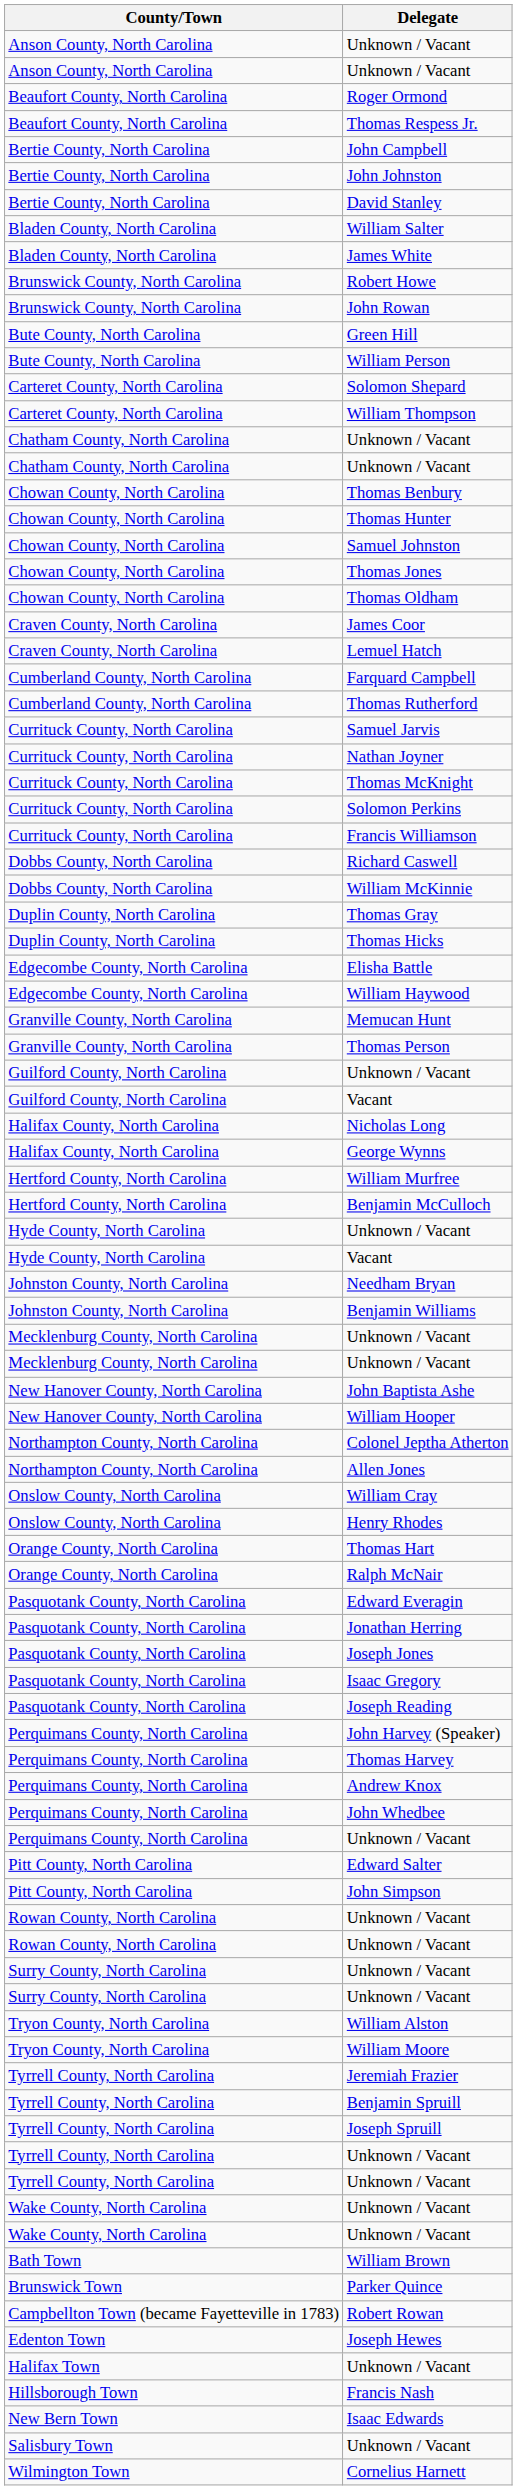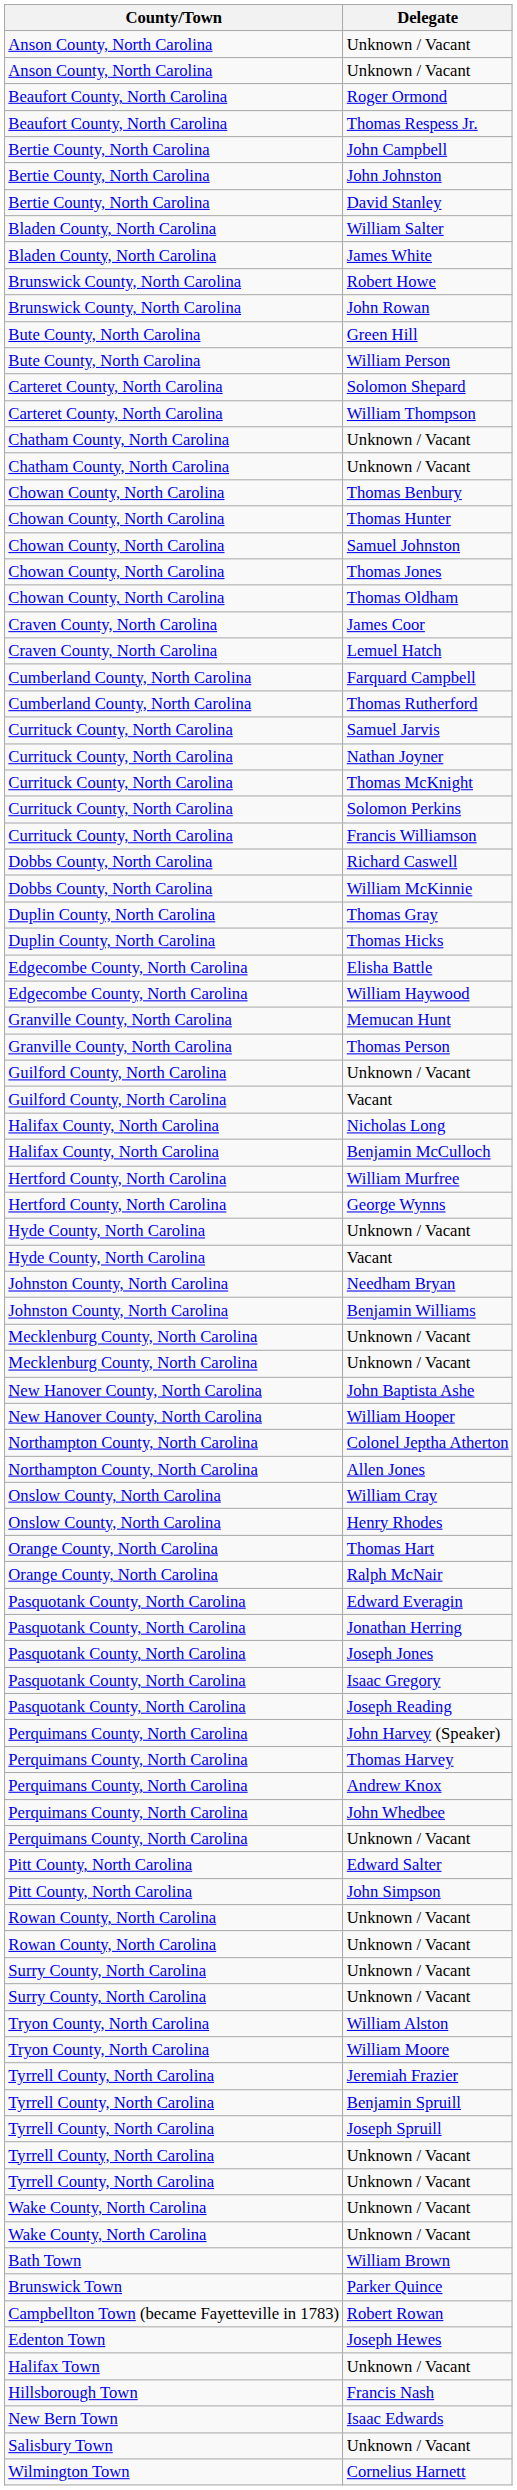 <table class="wikitable sortable mw-datatable">
 <tr>
 <th>County/Town</th>
 <th>Delegate</th>
 </tr>
 <tr>
 <td><a href='#'>Anson County, North Carolina</a></td>
 <td data-sort-value="Unknown / Vacant">Unknown / Vacant</td>
 </tr>
 <tr>
 <td><a href='#'>Anson County, North Carolina</a></td>
 <td data-sort-value="Unknown / Vacant">Unknown / Vacant</td>
 </tr>
 <tr>
 <td><a href='#'>Beaufort County, North Carolina</a></td>
 <td data-sort-value="Ormand, Roger"><a href='#'>Roger Ormond</a></td>
 </tr>
 <tr>
 <td><a href='#'>Beaufort County, North Carolina</a></td>
 <td data-sort-value="Respess, Thomas, Jr."><a href='#'>Thomas Respess Jr.</a></td>
 </tr>
 <tr>
 <td><a href='#'>Bertie County, North Carolina</a></td>
 <td data-sort-value="Campbell, John"><a href='#'>John Campbell</a></td>
 </tr>
 <tr>
 <td><a href='#'>Bertie County, North Carolina</a></td>
 <td data-sort-value="Johnston, John"><a href='#'>John Johnston</a></td>
 </tr>
 <tr>
 <td><a href='#'>Bertie County, North Carolina</a></td>
 <td data-sort-value="Stanley, David"><a href='#'>David Stanley</a></td>
 </tr>
 <tr>
 <td><a href='#'>Bladen County, North Carolina</a></td>
 <td data-sort-value="Salter, Willima"><a href='#'>William Salter</a></td>
 </tr>
 <tr>
 <td><a href='#'>Bladen County, North Carolina</a></td>
 <td data-sort-value="White, James"><a href='#'>James White</a></td>
 </tr>
 <tr>
 <td><a href='#'>Brunswick County, North Carolina</a></td>
 <td data-sort-value="Howe, Robert"><a href='#'>Robert Howe</a></td>
 </tr>
 <tr>
 <td><a href='#'>Brunswick County, North Carolina</a></td>
 <td data-sort-value="Rowan, John"><a href='#'>John Rowan</a></td>
 </tr>
 <tr>
 <td><a href='#'>Bute County, North Carolina</a></td>
 <td data-sort-value="Hill, Green"><a href='#'>Green Hill</a></td>
 </tr>
 <tr>
 <td><a href='#'>Bute County, North Carolina</a></td>
 <td data-sort-value="Person, William"><a href='#'>William Person</a></td>
 </tr>
 <tr>
 <td><a href='#'>Carteret County, North Carolina</a></td>
 <td data-sort-value="Shepard, Solomon"><a href='#'>Solomon Shepard</a></td>
 </tr>
 <tr>
 <td><a href='#'>Carteret County, North Carolina</a></td>
 <td data-sort-value="Thompson, William"><a href='#'>William Thompson</a></td>
 </tr>
 <tr>
 <td><a href='#'>Chatham County, North Carolina</a></td>
 <td data-sort-value="Unknown / Vacant">Unknown / Vacant</td>
 </tr>
 <tr>
 <td><a href='#'>Chatham County, North Carolina</a></td>
 <td data-sort-value="Unknown / Vacant">Unknown / Vacant</td>
 </tr>
 <tr>
 <td><a href='#'>Chowan County, North Carolina</a></td>
 <td data-sort-value="Benbury, Thomas"><a href='#'>Thomas Benbury</a></td>
 </tr>
 <tr>
 <td><a href='#'>Chowan County, North Carolina</a></td>
 <td data-sort-value="Hunter, Thomas"><a href='#'>Thomas Hunter</a></td>
 </tr>
 <tr>
 <td><a href='#'>Chowan County, North Carolina</a></td>
 <td data-sort-value="Johnston, Samuel"><a href='#'>Samuel Johnston</a></td>
 </tr>
 <tr>
 <td><a href='#'>Chowan County, North Carolina</a></td>
 <td data-sort-value="Jones, Thomas"><a href='#'>Thomas Jones</a></td>
 </tr>
 <tr>
 <td><a href='#'>Chowan County, North Carolina</a></td>
 <td data-sort-value="Oldham, Thomas"><a href='#'>Thomas Oldham</a></td>
 </tr>
 <tr>
 <td><a href='#'>Craven County, North Carolina</a></td>
 <td data-sort-value="Coor, James"><a href='#'>James Coor</a></td>
 </tr>
 <tr>
 <td><a href='#'>Craven County, North Carolina</a></td>
 <td data-sort-value="Hatch, Lemuel"><a href='#'>Lemuel Hatch</a></td>
 </tr>
 <tr>
 <td><a href='#'>Cumberland County, North Carolina</a></td>
 <td data-sort-value="Campbell, Farquard"><a href='#'>Farquard Campbell</a></td>
 </tr>
 <tr>
 <td><a href='#'>Cumberland County, North Carolina</a></td>
 <td data-sort-value="Rutherford, Thomas"><a href='#'>Thomas Rutherford</a></td>
 </tr>
 <tr>
 <td><a href='#'>Currituck County, North Carolina</a></td>
 <td data-sort-value="Jarvis, Samuel"><a href='#'>Samuel Jarvis</a></td>
 </tr>
 <tr>
 <td><a href='#'>Currituck County, North Carolina</a></td>
 <td data-sort-value="Joyner, Nathan"><a href='#'>Nathan Joyner</a></td>
 </tr>
 <tr>
 <td><a href='#'>Currituck County, North Carolina</a></td>
 <td data-sort-value="McKnight, Thomas"><a href='#'>Thomas McKnight</a></td>
 </tr>
 <tr>
 <td><a href='#'>Currituck County, North Carolina</a></td>
 <td data-sort-value="Perkins, Solomon"><a href='#'>Solomon Perkins</a></td>
 </tr>
 <tr>
 <td><a href='#'>Currituck County, North Carolina</a></td>
 <td data-sort-value="Williamson, Francis"><a href='#'>Francis Williamson</a></td>
 </tr>
 <tr>
 <td><a href='#'>Dobbs County, North Carolina</a></td>
 <td data-sort-value="Caswell, Richard"><a href='#'>Richard Caswell</a></td>
 </tr>
 <tr>
 <td><a href='#'>Dobbs County, North Carolina</a></td>
 <td data-sort-value="McKinnie, William"><a href='#'>William McKinnie</a></td>
 </tr>
 <tr>
 <td><a href='#'>Duplin County, North Carolina</a></td>
 <td data-sort-value="Gray, Thomas"><a href='#'>Thomas Gray</a></td>
 </tr>
 <tr>
 <td><a href='#'>Duplin County, North Carolina</a></td>
 <td data-sort-value="Hicks, Thomas"><a href='#'>Thomas Hicks</a></td>
 </tr>
 <tr>
 <td><a href='#'>Edgecombe County, North Carolina</a></td>
 <td data-sort-value="Battle, Elisha"><a href='#'>Elisha Battle</a></td>
 </tr>
 <tr>
 <td><a href='#'>Edgecombe County, North Carolina</a></td>
 <td data-sort-value="Haywood, William"><a href='#'>William Haywood</a></td>
 </tr>
 <tr>
 <td><a href='#'>Granville County, North Carolina</a></td>
 <td data-sort-value="Hunt, Memucan"><a href='#'>Memucan Hunt</a></td>
 </tr>
 <tr>
 <td><a href='#'>Granville County, North Carolina</a></td>
 <td data-sort-value="Person, Thomas"><a href='#'>Thomas Person</a></td>
 </tr>
 <tr>
 <td><a href='#'>Guilford County, North Carolina</a></td>
 <td data-sort-value="Unknown / Vacant">Unknown / Vacant</td>
 </tr>
 <tr>
 <td><a href='#'>Guilford County, North Carolina</a></td>
 <td data-sort-value="Vacant">Vacant</td>
 </tr>
 <tr>
 <td><a href='#'>Halifax County, North Carolina</a></td>
 <td data-sort-value="Long, Nicholas"><a href='#'>Nicholas Long</a></td>
 </tr>
 <tr>
 <td><a href='#'>Halifax County, North Carolina</a></td>
-<td data-sort-value="Wynns, George"><a href='#'>George Wynns</a></td>
+<td data-sort-value="McCulloch, Benjamin"><a href='#'>Benjamin McCulloch</a></td>
 </tr>
 <tr>
 <td><a href='#'>Hertford County, North Carolina</a></td>
 <td data-sort-value="Murfree, William"><a href='#'>William Murfree</a></td>
 </tr>
 <tr>
 <td><a href='#'>Hertford County, North Carolina</a></td>
-<td data-sort-value="McCulloch, Benjamin"><a href='#'>Benjamin McCulloch</a></td>
+<td data-sort-value="Wynns, George"><a href='#'>George Wynns</a></td>
 </tr>
 <tr>
 <td><a href='#'>Hyde County, North Carolina</a></td>
 <td data-sort-value="Unknown / Vacant">Unknown / Vacant</td>
 </tr>
 <tr>
 <td><a href='#'>Hyde County, North Carolina</a></td>
 <td data-sort-value="Vacant ">Vacant</td>
 </tr>
 <tr>
 <td><a href='#'>Johnston County, North Carolina</a></td>
 <td data-sort-value="Bryan, Needham"><a href='#'>Needham Bryan</a></td>
 </tr>
 <tr>
 <td><a href='#'>Johnston County, North Carolina</a></td>
 <td data-sort-value="Williams, Benjamin"><a href='#'>Benjamin Williams</a></td>
 </tr>
 <tr>
 <td><a href='#'>Mecklenburg County, North Carolina</a></td>
 <td data-sort-value="Unknown / Vacant">Unknown / Vacant</td>
 </tr>
 <tr>
 <td><a href='#'>Mecklenburg County, North Carolina</a></td>
 <td data-sort-value="Unknown / Vacant">Unknown / Vacant</td>
 </tr>
 <tr>
 <td><a href='#'>New Hanover County, North Carolina</a></td>
 <td data-sort-value="Ashe, John"><a href='#'>John Baptista Ashe</a></td>
 </tr>
 <tr>
 <td><a href='#'>New Hanover County, North Carolina</a></td>
 <td data-sort-value="Hooper, William"><a href='#'>William Hooper</a></td>
 </tr>
 <tr>
 <td><a href='#'>Northampton County, North Carolina</a></td>
 <td data-sort-value=" Colonel Jeptha Atherton"><a href='#'>Colonel Jeptha Atherton</a></td>
 </tr>
 <tr>
 <td><a href='#'>Northampton County, North Carolina</a></td>
 <td data-sort-value="Jones, Allen"><a href='#'>Allen Jones</a></td>
 </tr>
 <tr>
 <td><a href='#'>Onslow County, North Carolina</a></td>
 <td data-sort-value="Cray, William"><a href='#'>William Cray</a></td>
 </tr>
 <tr>
 <td><a href='#'>Onslow County, North Carolina</a></td>
 <td data-sort-value="Rhodes, Henry"><a href='#'>Henry Rhodes</a></td>
 </tr>
 <tr>
 <td><a href='#'>Orange County, North Carolina</a></td>
 <td data-sort-value="Hart, Thomas"><a href='#'>Thomas Hart</a></td>
 </tr>
 <tr>
 <td><a href='#'>Orange County, North Carolina</a></td>
 <td data-sort-value="McNair, Ralph"><a href='#'>Ralph McNair</a></td>
 </tr>
 <tr>
 <td><a href='#'>Pasquotank County, North Carolina</a></td>
 <td data-sort-value="Everagin, Edward"><a href='#'>Edward Everagin</a></td>
 </tr>
 <tr>
 <td><a href='#'>Pasquotank County, North Carolina</a></td>
 <td data-sort-value="Herring, Jonathan"><a href='#'>Jonathan Herring</a></td>
 </tr>
 <tr>
 <td><a href='#'>Pasquotank County, North Carolina</a></td>
 <td data-sort-value="Jones, Joseph"><a href='#'>Joseph Jones</a></td>
 </tr>
 <tr>
 <td><a href='#'>Pasquotank County, North Carolina</a></td>
 <td data-sort-value="Gregory, Isaac"><a href='#'>Isaac Gregory</a></td>
 </tr>
 <tr>
 <td><a href='#'>Pasquotank County, North Carolina</a></td>
 <td data-sort-value="Reading, Joseph"><a href='#'>Joseph Reading</a></td>
 </tr>
 <tr>
 <td><a href='#'>Perquimans County, North Carolina</a></td>
 <td data-sort-value="Harvey, John"><a href='#'>John Harvey</a> (Speaker)</td>
 </tr>
 <tr>
 <td><a href='#'>Perquimans County, North Carolina</a></td>
 <td data-sort-value="Harvey, Thomas"><a href='#'>Thomas Harvey</a></td>
 </tr>
 <tr>
 <td><a href='#'>Perquimans County, North Carolina</a></td>
 <td data-sort-value="Knox, Andrew"><a href='#'>Andrew Knox</a></td>
 </tr>
 <tr>
 <td><a href='#'>Perquimans County, North Carolina</a></td>
 <td data-sort-value="Whedbee, John"><a href='#'>John Whedbee</a></td>
 </tr>
 <tr>
 <td><a href='#'>Perquimans County, North Carolina</a></td>
 <td data-sort-value="Unknown / Vacant">Unknown / Vacant</td>
 </tr>
 <tr>
 <td><a href='#'>Pitt County, North Carolina</a></td>
 <td data-sort-value="Salter, Edward"><a href='#'>Edward Salter</a></td>
 </tr>
 <tr>
 <td><a href='#'>Pitt County, North Carolina</a></td>
 <td data-sort-value="Simpson, John"><a href='#'>John Simpson</a></td>
 </tr>
 <tr>
 <td><a href='#'>Rowan County, North Carolina</a></td>
 <td data-sort-value="Unknown / Vacant">Unknown / Vacant</td>
 </tr>
 <tr>
 <td><a href='#'>Rowan County, North Carolina</a></td>
 <td data-sort-value="Unknown / Vacant">Unknown / Vacant</td>
 </tr>
 <tr>
 <td><a href='#'>Surry County, North Carolina</a></td>
 <td data-sort-value="Unknown / Vacant">Unknown / Vacant</td>
 </tr>
 <tr>
 <td><a href='#'>Surry County, North Carolina</a></td>
 <td data-sort-value="Unknown / Vacant">Unknown / Vacant</td>
 </tr>
 <tr>
 <td><a href='#'>Tryon County, North Carolina</a></td>
 <td data-sort-value="Alston, William"><a href='#'>William Alston</a></td>
 </tr>
 <tr>
 <td><a href='#'>Tryon County, North Carolina</a></td>
 <td data-sort-value="Moore, William"><a href='#'>William Moore</a></td>
 </tr>
 <tr>
 <td><a href='#'>Tyrrell County, North Carolina</a></td>
 <td data-sort-value="Frazier, Jeremiah"><a href='#'>Jeremiah Frazier</a></td>
 </tr>
 <tr>
 <td><a href='#'>Tyrrell County, North Carolina</a></td>
 <td data-sort-value="Spruill, Benjamin"><a href='#'>Benjamin Spruill</a></td>
 </tr>
 <tr>
 <td><a href='#'>Tyrrell County, North Carolina</a></td>
 <td data-sort-value="Spruill, Joseph"><a href='#'>Joseph Spruill</a></td>
 </tr>
 <tr>
 <td><a href='#'>Tyrrell County, North Carolina</a></td>
 <td data-sort-value="Unknown / Vacant">Unknown / Vacant</td>
 </tr>
 <tr>
 <td><a href='#'>Tyrrell County, North Carolina</a></td>
 <td data-sort-value="Unknown / Vacant">Unknown / Vacant</td>
 </tr>
 <tr>
 <td><a href='#'>Wake County, North Carolina</a></td>
 <td data-sort-value="Unknown / Vacant">Unknown / Vacant</td>
 </tr>
 <tr>
 <td><a href='#'>Wake County, North Carolina</a></td>
 <td data-sort-value="Unknown / Vacant">Unknown / Vacant</td>
 </tr>
 <tr>
 <td><a href='#'>Bath Town</a></td>
 <td data-sort-value="Brown, William"><a href='#'>William Brown</a></td>
 </tr>
 <tr>
 <td><a href='#'>Brunswick Town</a></td>
 <td data-sort-value="Quince, Parker"><a href='#'>Parker Quince</a></td>
 </tr>
 <tr>
 <td><a href='#'>Campbellton Town</a> (became Fayetteville in 1783)</td>
 <td data-sort-value="Rowan, Robert"><a href='#'>Robert Rowan</a></td>
 </tr>
 <tr>
 <td><a href='#'>Edenton Town</a></td>
 <td data-sort-value="Hewes, Joseph"><a href='#'>Joseph Hewes</a></td>
 </tr>
 <tr>
 <td><a href='#'>Halifax Town</a></td>
 <td data-sort-value="Unknown / Vacant">Unknown / Vacant</td>
 </tr>
 <tr>
 <td><a href='#'>Hillsborough Town</a></td>
 <td data-sort-value="Nash, Francis"><a href='#'>Francis Nash</a></td>
 </tr>
 <tr>
 <td><a href='#'>New Bern Town</a></td>
 <td data-sort-value="Edwards, Isaac"><a href='#'>Isaac Edwards</a></td>
 </tr>
 <tr>
 <td><a href='#'>Salisbury Town</a></td>
 <td data-sort-value="Unknown / Vacant">Unknown / Vacant</td>
 </tr>
 <tr>
 <td><a href='#'>Wilmington Town</a></td>
 <td data-sort-value="Harnett, Cornelius"><a href='#'>Cornelius Harnett</a></td>
 </tr>
 </table>
